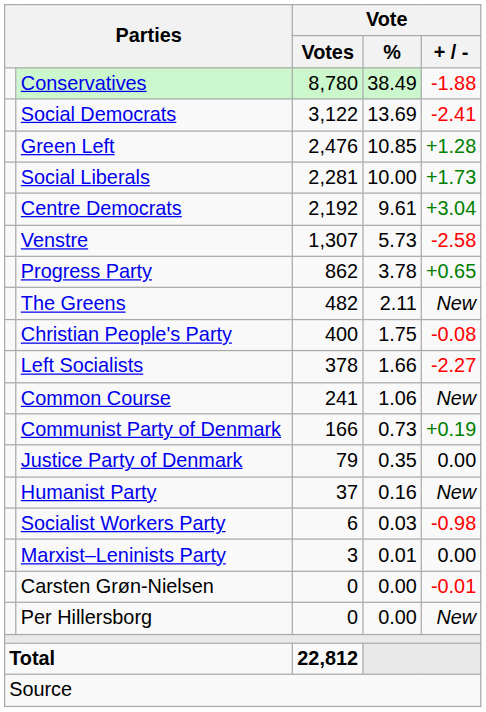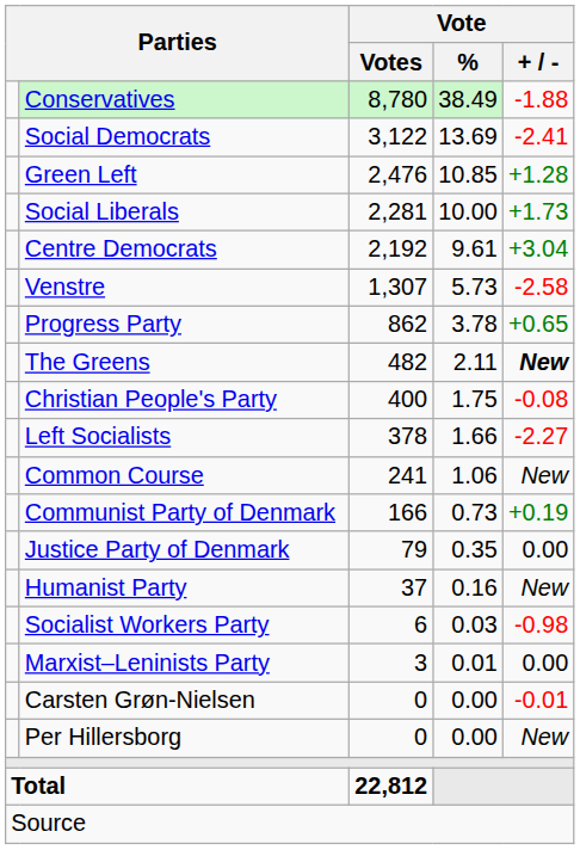 <table class="wikitable" style="text-align:right;">
 <tr>
 <th style="text-align:centre;" rowspan="2" colspan="2" width="225">Parties</th>
 <th colspan="3">Vote</th>
 </tr>
 <tr>
 <th width="15">Votes</th>
 <th width="15">%</th>
 <th width="15">+ / -</th>
 </tr>
 <tr>
 <td width="2" style="color:inherit;background:"></td>
 <td bgcolor=#ccf7cc  align="left"><a href='#'>Conservatives</a></td>
 <td bgcolor=#ccf7cc>8,780</td>
 <td bgcolor=#ccf7cc>38.49</td>
 <td style=color:red;>-1.88</td>
 </tr>
 <tr>
 <td width="2" style="color:inherit;background:"></td>
 <td align="left"><a href='#'>Social Democrats</a></td>
 <td>3,122</td>
 <td>13.69</td>
 <td style=color:red;>-2.41</td>
 </tr>
 <tr>
 <td width="2" style="color:inherit;background:"></td>
 <td align="left"><a href='#'>Green Left</a></td>
 <td>2,476</td>
 <td>10.85</td>
 <td style=color:green;>+1.28</td>
 </tr>
 <tr>
 <td width="2" style="color:inherit;background:"></td>
 <td align="left"><a href='#'>Social Liberals</a></td>
 <td>2,281</td>
 <td>10.00</td>
 <td style=color:green;>+1.73</td>
 </tr>
 <tr>
 <td width="2" style="color:inherit;background:"></td>
 <td align="left"><a href='#'>Centre Democrats</a></td>
 <td>2,192</td>
 <td>9.61</td>
 <td style=color:green;>+3.04</td>
 </tr>
 <tr>
 <td width="2" style="color:inherit;background:"></td>
 <td align="left"><a href='#'>Venstre</a></td>
 <td>1,307</td>
 <td>5.73</td>
 <td style=color:red;>-2.58</td>
 </tr>
 <tr>
 <td width="2" style="color:inherit;background:"></td>
 <td align="left"><a href='#'>Progress Party</a></td>
 <td>862</td>
 <td>3.78</td>
 <td style=color:green;>+0.65</td>
 </tr>
 <tr>
 <td width="2" style="color:inherit;background:"></td>
 <td align="left"><a href='#'>The Greens</a></td>
 <td>482</td>
 <td>2.11</td>
-<td><em>New</em></td>
+<td><strong><em>New</em></strong></td>
 </tr>
 <tr>
 <td width="2" style="color:inherit;background:"></td>
 <td align="left"><a href='#'>Christian People's Party</a></td>
 <td>400</td>
 <td>1.75</td>
 <td style=color:red;>-0.08</td>
 </tr>
 <tr>
 <td width="2" style="color:inherit;background:"></td>
 <td align="left"><a href='#'>Left Socialists</a></td>
 <td>378</td>
 <td>1.66</td>
 <td style=color:red;>-2.27</td>
 </tr>
 <tr>
 <td width="2" style="color:inherit;background:"></td>
 <td align="left"><a href='#'>Common Course</a></td>
 <td>241</td>
 <td>1.06</td>
 <td><em>New</em></td>
 </tr>
 <tr>
 <td width="2" style="color:inherit;background:"></td>
 <td align="left"><a href='#'>Communist Party of Denmark</a></td>
 <td>166</td>
 <td>0.73</td>
 <td style=color:green;>+0.19</td>
 </tr>
 <tr>
 <td width="2" style="color:inherit;background:"></td>
 <td align="left"><a href='#'>Justice Party of Denmark</a></td>
 <td>79</td>
 <td>0.35</td>
 <td>0.00</td>
 </tr>
 <tr>
 <td width="2" style="color:inherit;background:"></td>
 <td align="left"><a href='#'>Humanist Party</a></td>
 <td>37</td>
 <td>0.16</td>
 <td><em>New</em></td>
 </tr>
 <tr>
 <td width="2" style="color:inherit;background:"></td>
 <td align="left"><a href='#'>Socialist Workers Party</a></td>
 <td>6</td>
 <td>0.03</td>
 <td style=color:red;>-0.98</td>
 </tr>
 <tr>
 <td width="2" style="color:inherit;background:"></td>
 <td align="left"><a href='#'>Marxist–Leninists Party</a></td>
 <td>3</td>
 <td>0.01</td>
 <td>0.00</td>
 </tr>
 <tr>
 <td width="2" style="color:inherit;background:"></td>
 <td align="left">Carsten Grøn-Nielsen</td>
 <td>0</td>
 <td>0.00</td>
 <td style=color:red;>-0.01</td>
 </tr>
 <tr>
 <td width="2" style="color:inherit;background:"></td>
 <td align="left">Per Hillersborg</td>
 <td>0</td>
 <td>0.00</td>
 <td><em>New</em></td>
 </tr>
 <tr>
 <td colspan="7" bgcolor="#E9E9E9"></td>
 </tr>
 <tr>
 <td align="left" colspan="2"><strong>Total</strong></td>
 <td><strong>22,812</strong></td>
 <td bgcolor="#E9E9E9" colspan="2"></td>
 </tr>
 <tr>
 <td align="left" colspan="6">Source</td>
 </tr>
 </table>
